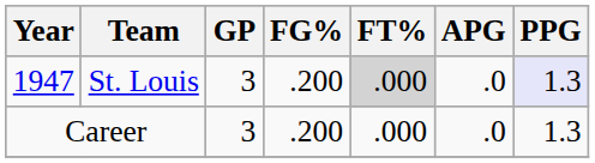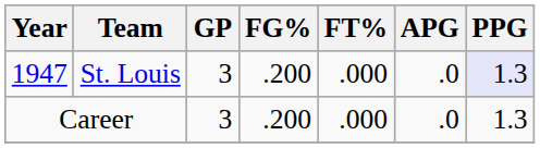 <table class="wikitable sortable" style="font-size:95%; text-align:right;">
 <tr>
 <th>Year</th>
 <th>Team</th>
 <th>GP</th>
 <th>FG%</th>
 <th>FT%</th>
 <th>APG</th>
 <th>PPG</th>
 </tr>
 <tr>
 <td style="text-align:left;"><a href='#'>1947</a></td>
 <td style="text-align:left;"><a href='#'>St. Louis</a></td>
 <td>3</td>
 <td>.200</td>
-<td style="background: lightgrey;">.000</td>
+<td>.000</td>
 <td>.0</td>
 <td style="background: lavender;">1.3</td>
 </tr>
 <tr>
 <td style="text-align:center;" colspan="2">Career</td>
 <td>3</td>
 <td>.200</td>
 <td>.000</td>
 <td>.0</td>
 <td>1.3</td>
 </tr>
 <tr>
 </tr>
 </table>
